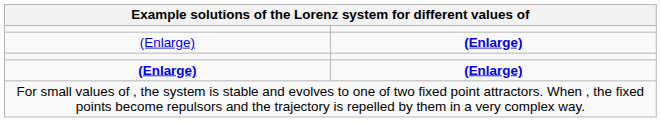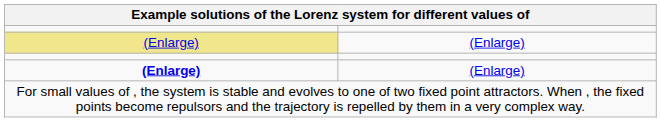 <table class="wikitable" width=777px>
 <tr>
 <th colspan=2>Example solutions of the Lorenz system for different values of </th>
 </tr>
 <tr>
 <td align="center"></td>
 <td align="center"></td>
 </tr>
 <tr>
+<td align="center" style="background: khaki;"> <a href='#'>(Enlarge)</a></td>
 <td align="center"> <a href='#'>(Enlarge)</a></td>
-<td align="center"><strong> <a href='#'>(Enlarge)</a></strong></td>
 </tr>
 <tr>
 <td align="center"></td>
 <td align="center"></td>
 </tr>
 <tr>
 <td align="center"><strong> <a href='#'>(Enlarge)</a></strong></td>
-<td align="center"><strong> <a href='#'>(Enlarge)</a></strong></td>
+<td align="center"> <a href='#'>(Enlarge)</a></td>
 </tr>
 <tr>
 <td align="center" colspan=2>For small values of , the system is stable and evolves to one of two fixed point attractors. When , the fixed points become repulsors and the trajectory is repelled by them in a very complex way.</td>
 </tr>
 </table>
